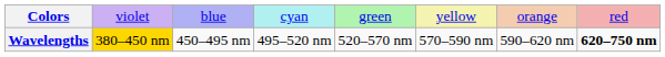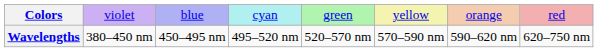 <table class="wikitable" style="text-align:center;">
 <tr>
 <th><a href='#'>Colors</a></th>
 <td style="background:#ccb0f4;"><a href='#'>violet</a></td>
 <td style="background:#b0b0f4;"><a href='#'>blue</a></td>
 <td style="background:#b0f0f0;"><a href='#'>cyan</a></td>
 <td style="background:#b0f4b0;"><a href='#'>green</a></td>
 <td style="background:#f4f4b0;"><a href='#'>yellow</a></td>
 <td style="background:#f4ccb0;"><a href='#'>orange</a></td>
 <td style="background:#f4b0b0;"><a href='#'>red</a></td>
 </tr>
 <tr>
 <th><a href='#'>Wavelengths</a></th>
-<td style="background: gold;">380–450 nm</td>
+<td>380–450 nm</td>
 <td>450–495 nm</td>
 <td>495–520 nm</td>
 <td>520–570 nm</td>
 <td>570–590 nm</td>
 <td>590–620 nm</td>
-<td><strong>620–750 nm</strong></td>
+<td>620–750 nm</td>
 </tr>
 </table>
